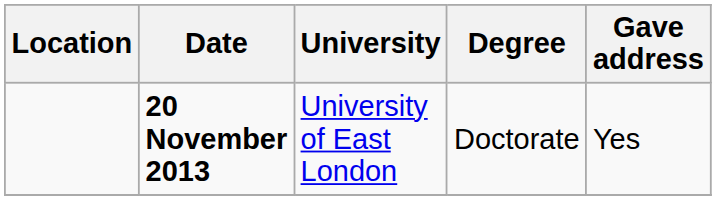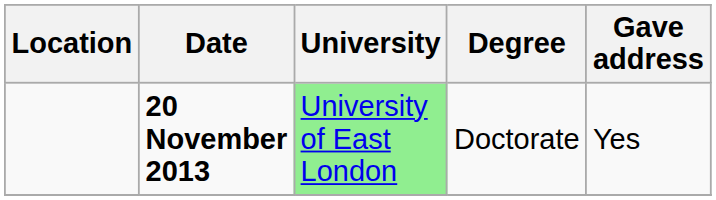 <table class="wikitable" style="width:52%;">
 <tr>
 <th style="width:10%;">Location</th>
 <th style="width:12%;">Date</th>
 <th style="width:15%;">University</th>
 <th style="width:5%;">Degree</th>
 <th style="width:10%;">Gave address</th>
 </tr>
 <tr>
 <td></td>
 <td><strong>20 November 2013</strong></td>
-<td><a href='#'>University of East London</a></td>
+<td style="background: lightgreen;"><a href='#'>University of East London</a></td>
 <td>Doctorate</td>
 <td>Yes</td>
 </tr>
 <tr>
 </tr>
 </table>
